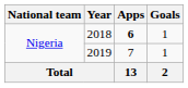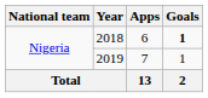 <table class="wikitable" style="text-align:center">
 <tr>
 <th>National team</th>
 <th>Year</th>
 <th>Apps</th>
 <th>Goals</th>
 </tr>
 <tr>
 <td rowspan="2"><a href='#'>Nigeria</a></td>
 <td>2018</td>
-<td><strong>6</strong></td>
-<td>1</td>
+<td>6</td>
+<td><strong>1</strong></td>
 </tr>
 <tr>
 <td>2019</td>
 <td>7</td>
 <td>1</td>
 </tr>
 <tr>
 <th colspan="2">Total</th>
 <th>13</th>
 <th>2</th>
 </tr>
 </table>
